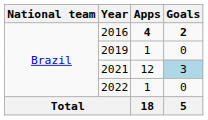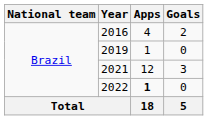 <table class="wikitable" style="text-align:center">
 <tr>
 <th>National team</th>
 <th>Year</th>
 <th>Apps</th>
 <th>Goals</th>
 </tr>
 <tr>
 <td rowspan="4"><a href='#'>Brazil</a></td>
 <td>2016</td>
-<td><strong>4</strong></td>
-<td><strong>2</strong></td>
+<td>4</td>
+<td>2</td>
 </tr>
 <tr>
 <td>2019</td>
 <td>1</td>
 <td>0</td>
 </tr>
 <tr>
 <td>2021</td>
 <td>12</td>
-<td style="background: lightblue;">3</td>
+<td>3</td>
 </tr>
 <tr>
 <td>2022</td>
-<td>1</td>
+<td><strong>1</strong></td>
 <td>0</td>
 </tr>
 <tr>
 <th colspan="2">Total</th>
 <th>18</th>
 <th>5</th>
 </tr>
 </table>
